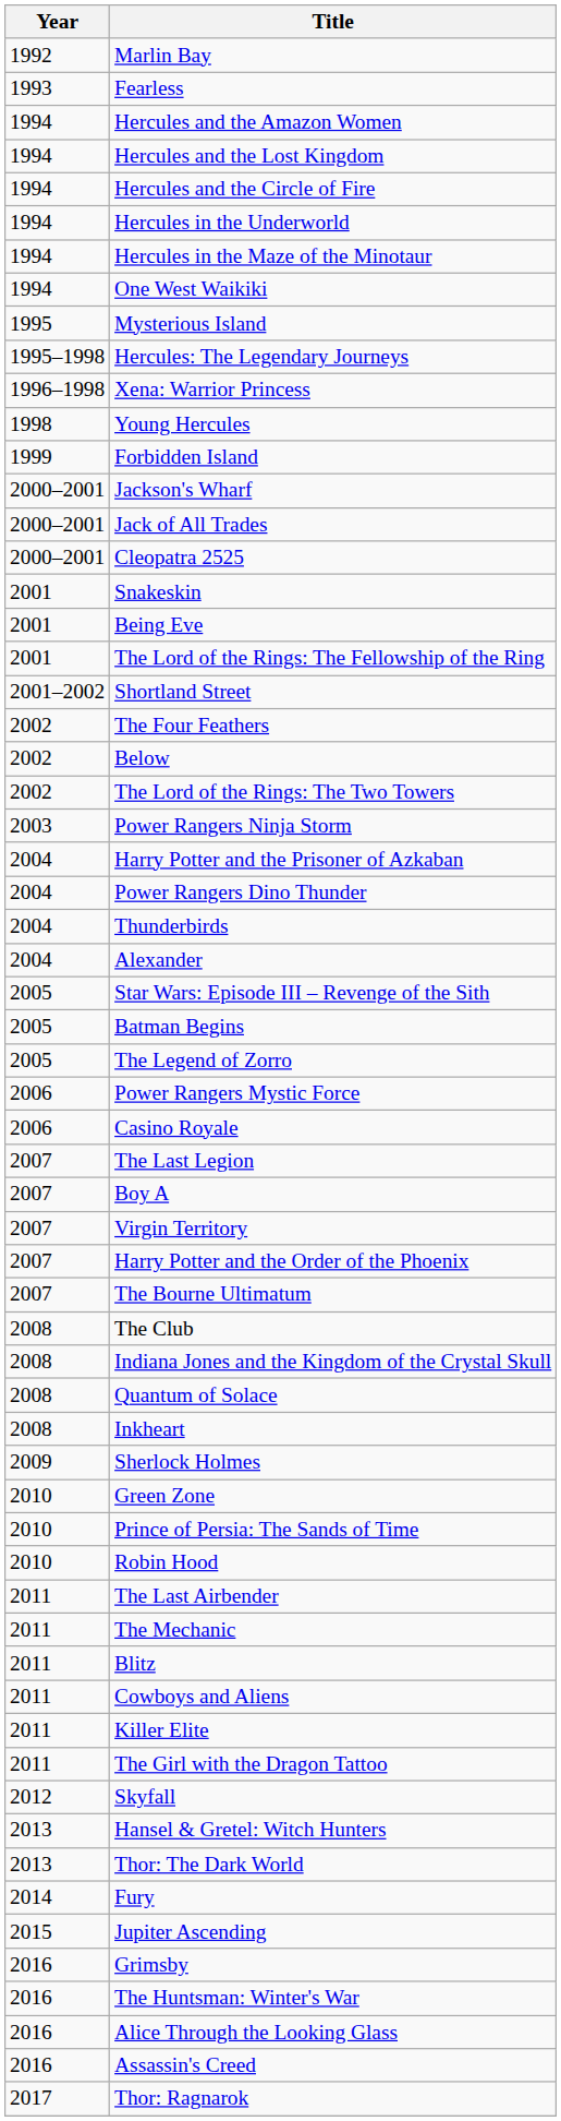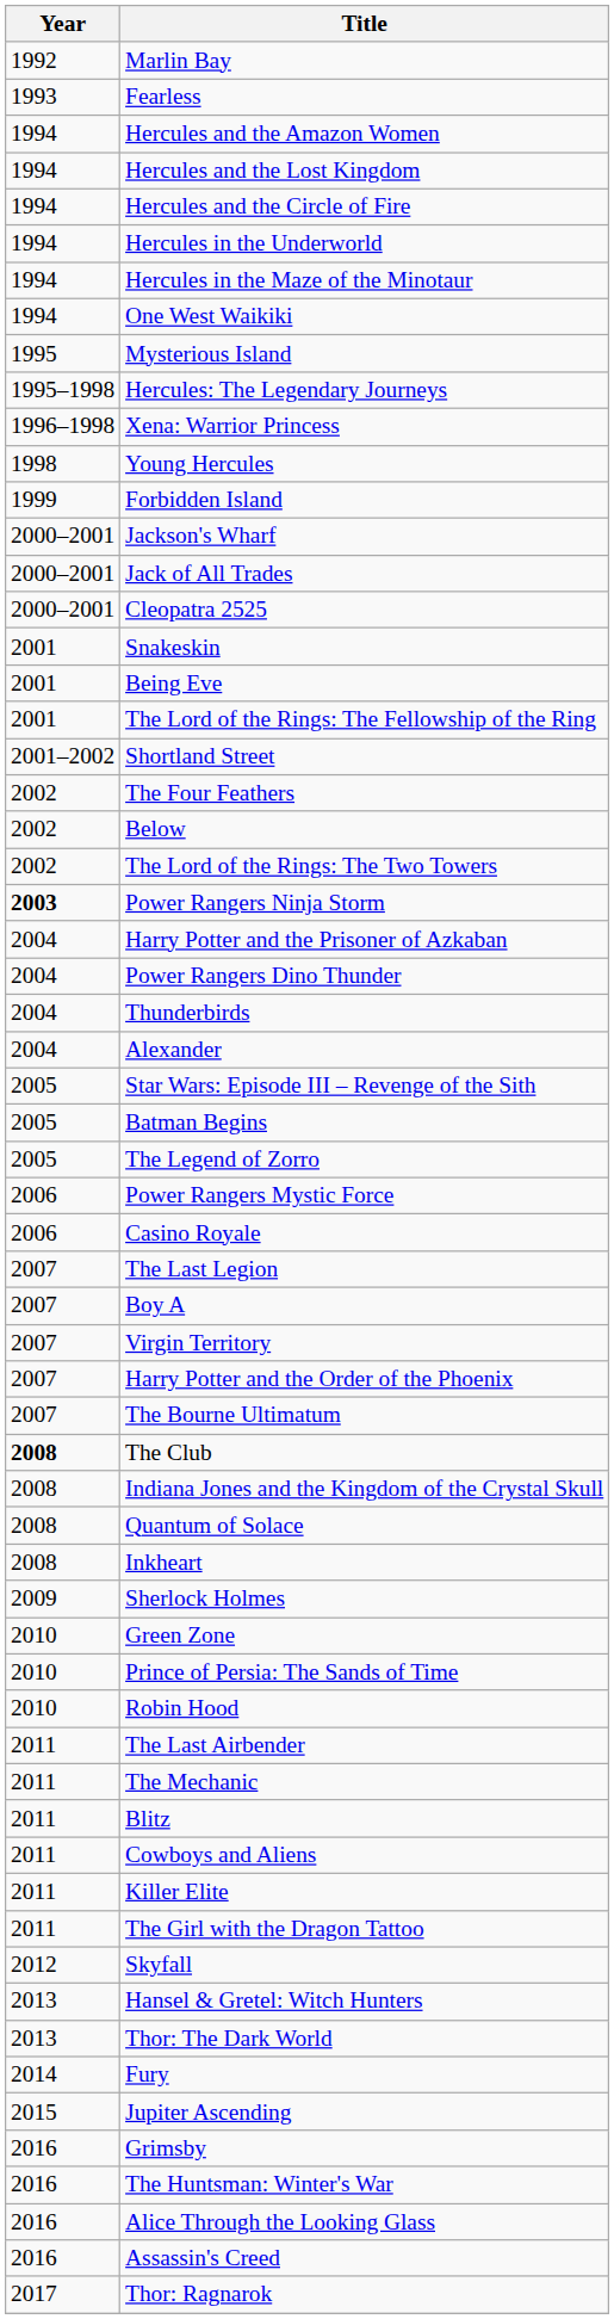 <table class="wikitable">
 <tr>
 <th>Year</th>
 <th>Title</th>
 </tr>
 <tr>
 <td>1992</td>
 <td><a href='#'>Marlin Bay</a></td>
 </tr>
 <tr>
 <td>1993</td>
 <td><a href='#'>Fearless</a></td>
 </tr>
 <tr>
 <td>1994</td>
 <td><a href='#'>Hercules and the Amazon Women</a></td>
 </tr>
 <tr>
 <td>1994</td>
 <td><a href='#'>Hercules and the Lost Kingdom</a></td>
 </tr>
 <tr>
 <td>1994</td>
 <td><a href='#'>Hercules and the Circle of Fire</a></td>
 </tr>
 <tr>
 <td>1994</td>
 <td><a href='#'>Hercules in the Underworld</a></td>
 </tr>
 <tr>
 <td>1994</td>
 <td><a href='#'>Hercules in the Maze of the Minotaur</a></td>
 </tr>
 <tr>
 <td>1994</td>
 <td><a href='#'>One West Waikiki</a></td>
 </tr>
 <tr>
 <td>1995</td>
 <td><a href='#'>Mysterious Island</a></td>
 </tr>
 <tr>
 <td>1995–1998</td>
 <td><a href='#'>Hercules: The Legendary Journeys</a></td>
 </tr>
 <tr>
 <td>1996–1998</td>
 <td><a href='#'>Xena: Warrior Princess</a></td>
 </tr>
 <tr>
 <td>1998</td>
 <td><a href='#'>Young Hercules</a></td>
 </tr>
 <tr>
 <td>1999</td>
 <td><a href='#'>Forbidden Island</a></td>
 </tr>
 <tr>
 <td>2000–2001</td>
 <td><a href='#'>Jackson's Wharf</a></td>
 </tr>
 <tr>
 <td>2000–2001</td>
 <td><a href='#'>Jack of All Trades</a></td>
 </tr>
 <tr>
 <td>2000–2001</td>
 <td><a href='#'>Cleopatra 2525</a></td>
 </tr>
 <tr>
 <td>2001</td>
 <td><a href='#'>Snakeskin</a></td>
 </tr>
 <tr>
 <td>2001</td>
 <td><a href='#'>Being Eve</a></td>
 </tr>
 <tr>
 <td>2001</td>
 <td><a href='#'>The Lord of the Rings: The Fellowship of the Ring</a></td>
 </tr>
 <tr>
 <td>2001–2002</td>
 <td><a href='#'>Shortland Street</a></td>
 </tr>
 <tr>
 <td>2002</td>
 <td><a href='#'>The Four Feathers</a></td>
 </tr>
 <tr>
 <td>2002</td>
 <td><a href='#'>Below</a></td>
 </tr>
 <tr>
 <td>2002</td>
 <td><a href='#'>The Lord of the Rings: The Two Towers</a></td>
 </tr>
 <tr>
-<td>2003</td>
+<td><strong>2003</strong></td>
 <td><a href='#'>Power Rangers Ninja Storm</a></td>
 </tr>
 <tr>
 <td>2004</td>
 <td><a href='#'>Harry Potter and the Prisoner of Azkaban</a></td>
 </tr>
 <tr>
 <td>2004</td>
 <td><a href='#'>Power Rangers Dino Thunder</a></td>
 </tr>
 <tr>
 <td>2004</td>
 <td><a href='#'>Thunderbirds</a></td>
 </tr>
 <tr>
 <td>2004</td>
 <td><a href='#'>Alexander</a></td>
 </tr>
 <tr>
 <td>2005</td>
 <td><a href='#'>Star Wars: Episode III – Revenge of the Sith</a></td>
 </tr>
 <tr>
 <td>2005</td>
 <td><a href='#'>Batman Begins</a></td>
 </tr>
 <tr>
 <td>2005</td>
 <td><a href='#'>The Legend of Zorro</a></td>
 </tr>
 <tr>
 <td>2006</td>
 <td><a href='#'>Power Rangers Mystic Force</a></td>
 </tr>
 <tr>
 <td>2006</td>
 <td><a href='#'>Casino Royale</a></td>
 </tr>
 <tr>
 <td>2007</td>
 <td><a href='#'>The Last Legion</a></td>
 </tr>
 <tr>
 <td>2007</td>
 <td><a href='#'>Boy A</a></td>
 </tr>
 <tr>
 <td>2007</td>
 <td><a href='#'>Virgin Territory</a></td>
 </tr>
 <tr>
 <td>2007</td>
 <td><a href='#'>Harry Potter and the Order of the Phoenix</a></td>
 </tr>
 <tr>
 <td>2007</td>
 <td><a href='#'>The Bourne Ultimatum</a></td>
 </tr>
 <tr>
-<td>2008</td>
+<td><strong>2008</strong></td>
 <td>The Club</td>
 </tr>
 <tr>
 <td>2008</td>
 <td><a href='#'>Indiana Jones and the Kingdom of the Crystal Skull</a></td>
 </tr>
 <tr>
 <td>2008</td>
 <td><a href='#'>Quantum of Solace</a></td>
 </tr>
 <tr>
 <td>2008</td>
 <td><a href='#'>Inkheart</a></td>
 </tr>
 <tr>
 <td>2009</td>
 <td><a href='#'>Sherlock Holmes</a></td>
 </tr>
 <tr>
 <td>2010</td>
 <td><a href='#'>Green Zone</a></td>
 </tr>
 <tr>
 <td>2010</td>
 <td><a href='#'>Prince of Persia: The Sands of Time</a></td>
 </tr>
 <tr>
 <td>2010</td>
 <td><a href='#'>Robin Hood</a></td>
 </tr>
 <tr>
 <td>2011</td>
 <td><a href='#'>The Last Airbender</a></td>
 </tr>
 <tr>
 <td>2011</td>
 <td><a href='#'>The Mechanic</a></td>
 </tr>
 <tr>
 <td>2011</td>
 <td><a href='#'>Blitz</a></td>
 </tr>
 <tr>
 <td>2011</td>
 <td><a href='#'>Cowboys and Aliens</a></td>
 </tr>
 <tr>
 <td>2011</td>
 <td><a href='#'>Killer Elite</a></td>
 </tr>
 <tr>
 <td>2011</td>
 <td><a href='#'>The Girl with the Dragon Tattoo</a></td>
 </tr>
 <tr>
 <td>2012</td>
 <td><a href='#'>Skyfall</a></td>
 </tr>
 <tr>
 <td>2013</td>
 <td><a href='#'>Hansel & Gretel: Witch Hunters</a></td>
 </tr>
 <tr>
 <td>2013</td>
 <td><a href='#'>Thor: The Dark World</a></td>
 </tr>
 <tr>
 <td>2014</td>
 <td><a href='#'>Fury</a></td>
 </tr>
 <tr>
 <td>2015</td>
 <td><a href='#'>Jupiter Ascending</a></td>
 </tr>
 <tr>
 <td>2016</td>
 <td><a href='#'>Grimsby</a></td>
 </tr>
 <tr>
 <td>2016</td>
 <td><a href='#'>The Huntsman: Winter's War</a></td>
 </tr>
 <tr>
 <td>2016</td>
 <td><a href='#'>Alice Through the Looking Glass</a></td>
 </tr>
 <tr>
 <td>2016</td>
 <td><a href='#'>Assassin's Creed</a></td>
 </tr>
 <tr>
 <td>2017</td>
 <td><a href='#'>Thor: Ragnarok</a></td>
 </tr>
 <tr>
 </tr>
 </table>
